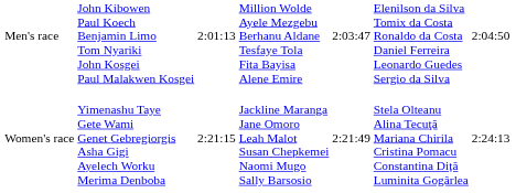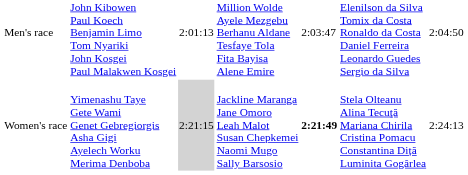 <table>
 <tr>
 <td>Men's race</td>
 <td><br><a href='#'>John Kibowen</a><br><a href='#'>Paul Koech</a><br><a href='#'>Benjamin Limo</a><br><a href='#'>Tom Nyariki</a><br><a href='#'>John Kosgei</a><br><a href='#'>Paul Malakwen Kosgei</a></td>
 <td>2:01:13</td>
 <td><br><a href='#'>Million Wolde</a><br><a href='#'>Ayele Mezgebu</a><br><a href='#'>Berhanu Aldane</a><br><a href='#'>Tesfaye Tola</a><br><a href='#'>Fita Bayisa</a><br><a href='#'>Alene Emire</a></td>
 <td>2:03:47</td>
 <td><br><a href='#'>Elenilson da Silva</a><br><a href='#'>Tomix da Costa</a><br><a href='#'>Ronaldo da Costa</a><br><a href='#'>Daniel Ferreira</a><br><a href='#'>Leonardo Guedes</a><br><a href='#'>Sergio da Silva</a></td>
 <td>2:04:50</td>
 </tr>
 <tr>
 <td>Women's race</td>
 <td><br><a href='#'>Yimenashu Taye</a><br><a href='#'>Gete Wami</a><br><a href='#'>Genet Gebregiorgis</a><br><a href='#'>Asha Gigi</a><br><a href='#'>Ayelech Worku</a><br><a href='#'>Merima Denboba</a></td>
-<td>2:21:15</td>
+<td style="background: lightgrey;">2:21:15</td>
 <td><br><a href='#'>Jackline Maranga</a><br><a href='#'>Jane Omoro</a><br><a href='#'>Leah Malot</a><br><a href='#'>Susan Chepkemei</a><br><a href='#'>Naomi Mugo</a><br><a href='#'>Sally Barsosio</a></td>
-<td>2:21:49</td>
+<td><strong>2:21:49</strong></td>
 <td><br><a href='#'>Stela Olteanu</a><br><a href='#'>Alina Tecuţă</a><br><a href='#'>Mariana Chirila</a><br><a href='#'>Cristina Pomacu</a><br><a href='#'>Constantina Diță</a><br><a href='#'>Luminita Gogârlea</a></td>
 <td>2:24:13</td>
 </tr>
 </table>
